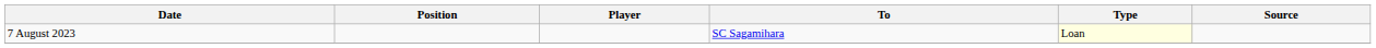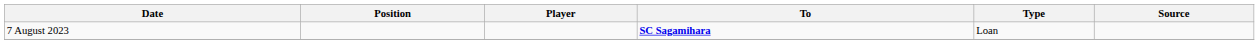 <table class="wikitable sortable" style="width:90%; text-align:center; font-size:95%; text-align:left;">
 <tr>
 <th>Date</th>
 <th>Position</th>
 <th>Player</th>
 <th>To</th>
 <th>Type</th>
 <th>Source</th>
 </tr>
 <tr>
 <td>7 August 2023</td>
 <td></td>
 <td></td>
-<td> <a href='#'>SC Sagamihara</a></td>
-<td style="background: lightyellow;">Loan</td>
+<td><strong> <a href='#'>SC Sagamihara</a></strong></td>
+<td>Loan</td>
 <td></td>
 </tr>
 <tr>
 </tr>
 </table>
